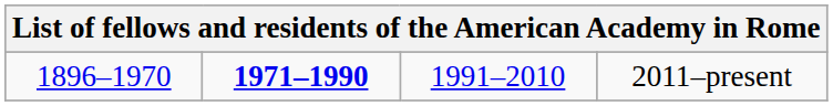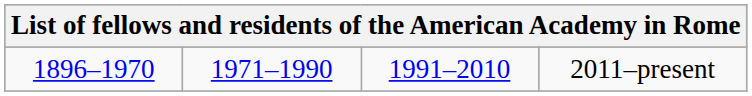 <table class="wikitable">
 <tr>
 <th colspan="4">List of fellows and residents of the American Academy in Rome</th>
 </tr>
 <tr>
 <td style="text-align:center;"><a href='#'>1896–1970</a></td>
-<td style="text-align:center;"><strong><a href='#'>1971–1990</a></strong></td>
+<td style="text-align:center;"><a href='#'>1971–1990</a></td>
 <td style="text-align:center;"><a href='#'>1991–2010</a></td>
 <td style="text-align:center;">2011–present</td>
 </tr>
 </table>
